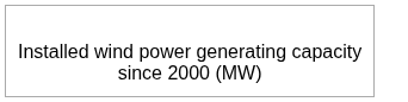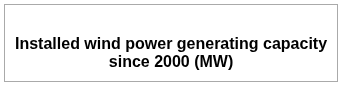 <table style="border:solid 1px #aaa;" cellpadding="10" cellspacing="0">
 <tr>
 <td></td>
 </tr>
 <tr>
-<td style="text-align:center;">Installed wind power generating capacity<br> since 2000 (MW)</td>
+<td style="text-align:center;"><strong>Installed wind power generating capacity<br> since 2000 (MW)</strong></td>
 </tr>
 </table>
